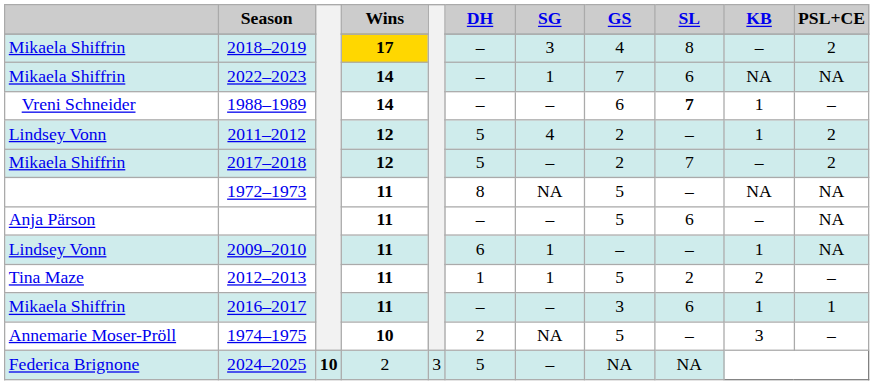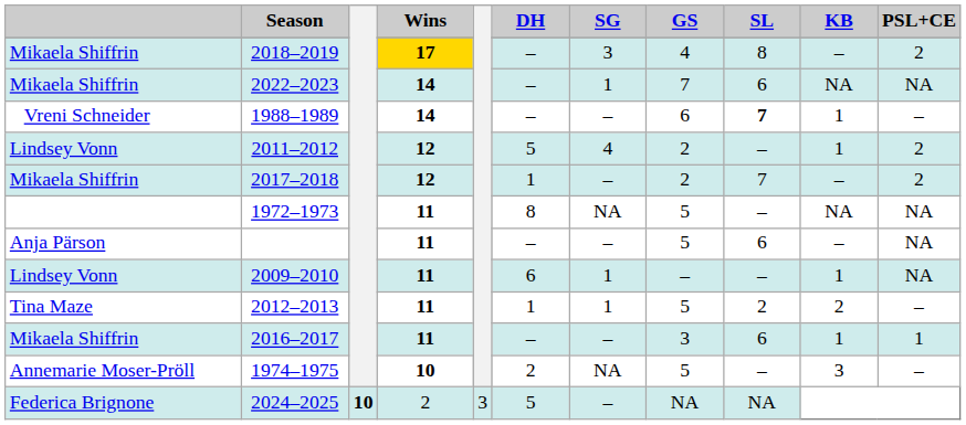 <table class="wikitable plainrowheaders" style="background:#fff; font-size:86%; line-height:16px; border:grey solid 1px; border-collapse:collapse">
 <tr style="background:#ccc; text-align:center;">
 <th style="background-color: #ccc;" width="160"></th>
 <th style="background-color: #ccc;" width="70">Season</th>
 <th rowspan=13></th>
 <th style="background:#ccc; width:10%">Wins</th>
 <th rowspan=13></th>
 <th style="background-color: #ccc;" width="48"><a href='#'>DH</a></th>
 <th style="background-color: #ccc;" width="48"><a href='#'>SG</a></th>
 <th style="background-color: #ccc;" width="48"><a href='#'>GS</a></th>
 <th style="background-color: #ccc;" width="48"><a href='#'>SL</a></th>
 <th style="background-color: #ccc;" width="48"><a href='#'>KB</a></th>
 <th style="background-color: #ccc;" width="48">PSL+CE</th>
 </tr>
 <tr align=center>
 </tr>
 <tr style="background:#CFECEC" align=center>
 <td align=left> <a href='#'>Mikaela Shiffrin</a></td>
 <td><a href='#'>2018–2019</a></td>
 <td style="background:gold;"><strong>17</strong></td>
 <td>–</td>
 <td>3</td>
 <td>4</td>
 <td>8</td>
 <td>–</td>
 <td>2</td>
 </tr>
 <tr style="background:#CFECEC" align=center>
 <td align=left> <a href='#'>Mikaela Shiffrin</a></td>
 <td><a href='#'>2022–2023</a></td>
 <td><strong>14</strong></td>
 <td>–</td>
 <td>1</td>
 <td>7</td>
 <td>6</td>
 <td>NA</td>
 <td>NA</td>
 </tr>
 <tr align=center>
 <td align=left>   <a href='#'>Vreni Schneider</a></td>
 <td><a href='#'>1988–1989</a></td>
 <td><strong>14</strong></td>
 <td>–</td>
 <td>–</td>
 <td>6</td>
 <td><strong>7</strong></td>
 <td>1</td>
 <td>–</td>
 </tr>
 <tr style="background:#CFECEC" align=center>
 <td align=left> <a href='#'>Lindsey Vonn</a></td>
 <td><a href='#'>2011–2012</a></td>
 <td><strong>12</strong></td>
 <td>5</td>
 <td>4</td>
 <td>2</td>
 <td>–</td>
 <td>1</td>
 <td>2</td>
 </tr>
 <tr style="background:#CFECEC" align=center>
 <td align=left> <a href='#'>Mikaela Shiffrin</a></td>
 <td><a href='#'>2017–2018</a></td>
 <td><strong>12</strong></td>
-<td>5</td>
+<td>1</td>
 <td>–</td>
 <td>2</td>
 <td>7</td>
 <td>–</td>
 <td>2</td>
 </tr>
 <tr align=center>
 <td align=left></td>
 <td><a href='#'>1972–1973</a></td>
 <td><strong>11</strong></td>
 <td>8</td>
 <td>NA</td>
 <td>5</td>
 <td>–</td>
 <td>NA</td>
 <td>NA</td>
 </tr>
 <tr align=center>
 <td align=left> <a href='#'>Anja Pärson</a></td>
 <td></td>
 <td><strong>11</strong></td>
 <td>–</td>
 <td>–</td>
 <td>5</td>
 <td>6</td>
 <td>–</td>
 <td>NA</td>
 </tr>
 <tr style="background:#CFECEC" align=center>
 <td align=left> <a href='#'>Lindsey Vonn</a></td>
 <td><a href='#'>2009–2010</a></td>
 <td><strong>11</strong></td>
 <td>6</td>
 <td>1</td>
 <td>–</td>
 <td>–</td>
 <td>1</td>
 <td>NA</td>
 </tr>
 <tr align=center>
 <td align=left> <a href='#'>Tina Maze</a></td>
 <td><a href='#'>2012–2013</a></td>
 <td><strong>11</strong></td>
 <td>1</td>
 <td>1</td>
 <td>5</td>
 <td>2</td>
 <td>2</td>
 <td>–</td>
 </tr>
 <tr style="background:#CFECEC" align=center>
 <td align=left> <a href='#'>Mikaela Shiffrin</a></td>
 <td><a href='#'>2016–2017</a></td>
 <td><strong>11</strong></td>
 <td>–</td>
 <td>–</td>
 <td>3</td>
 <td>6</td>
 <td>1</td>
 <td>1</td>
 </tr>
 <tr align=center>
 <td align=left> <a href='#'>Annemarie Moser-Pröll</a></td>
 <td><a href='#'>1974–1975</a></td>
 <td><strong>10</strong></td>
 <td>2</td>
 <td>NA</td>
 <td>5</td>
 <td>–</td>
 <td>3</td>
 <td>–</td>
 </tr>
 <tr style="background:#CFECEC" align=center>
 <td align=left> <a href='#'>Federica Brignone</a></td>
 <td><a href='#'>2024–2025</a></td>
 <td><strong>10</strong></td>
 <td>2</td>
 <td>3</td>
 <td>5</td>
 <td>–</td>
 <td>NA</td>
 <td>NA</td>
 </tr>
 </table>
